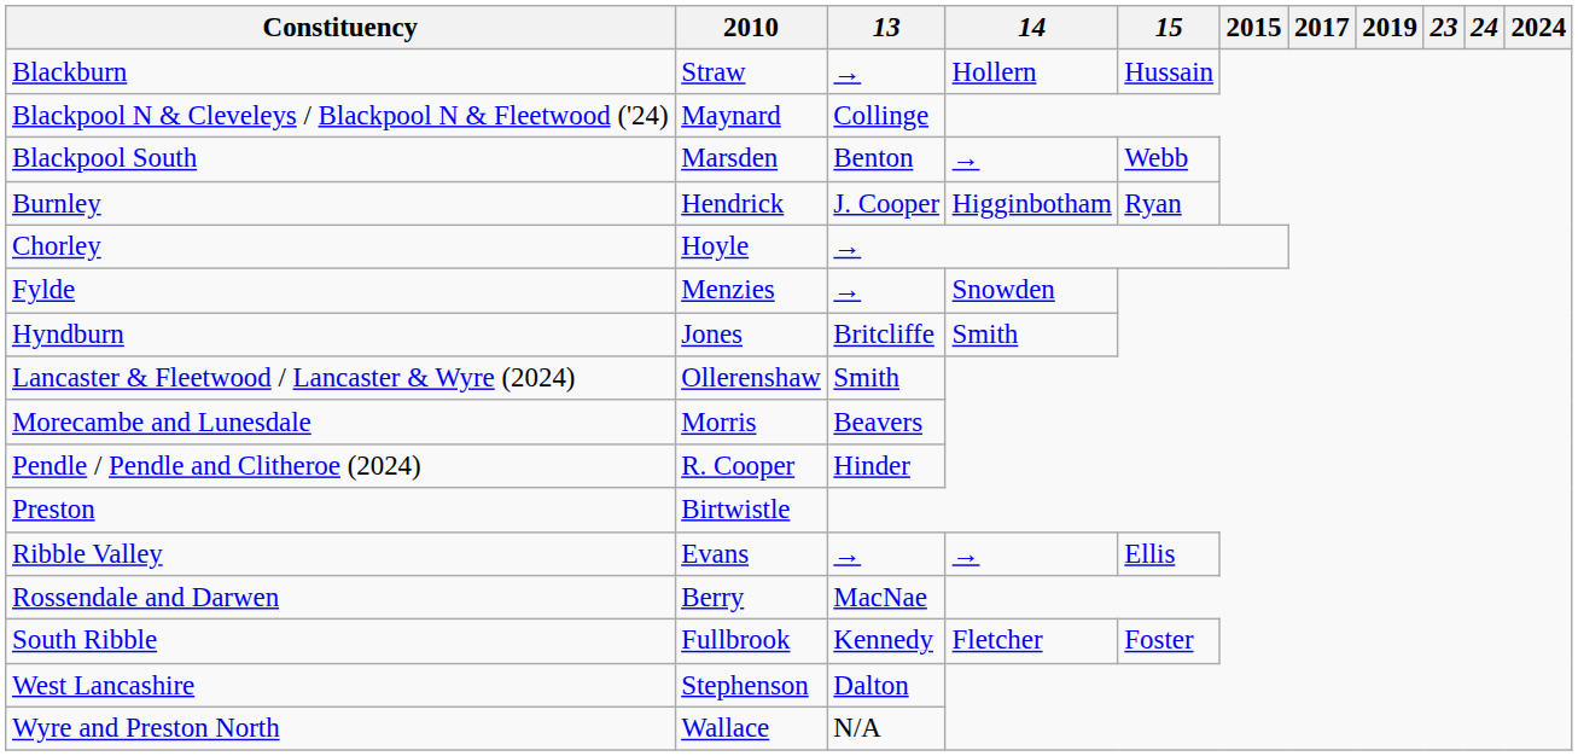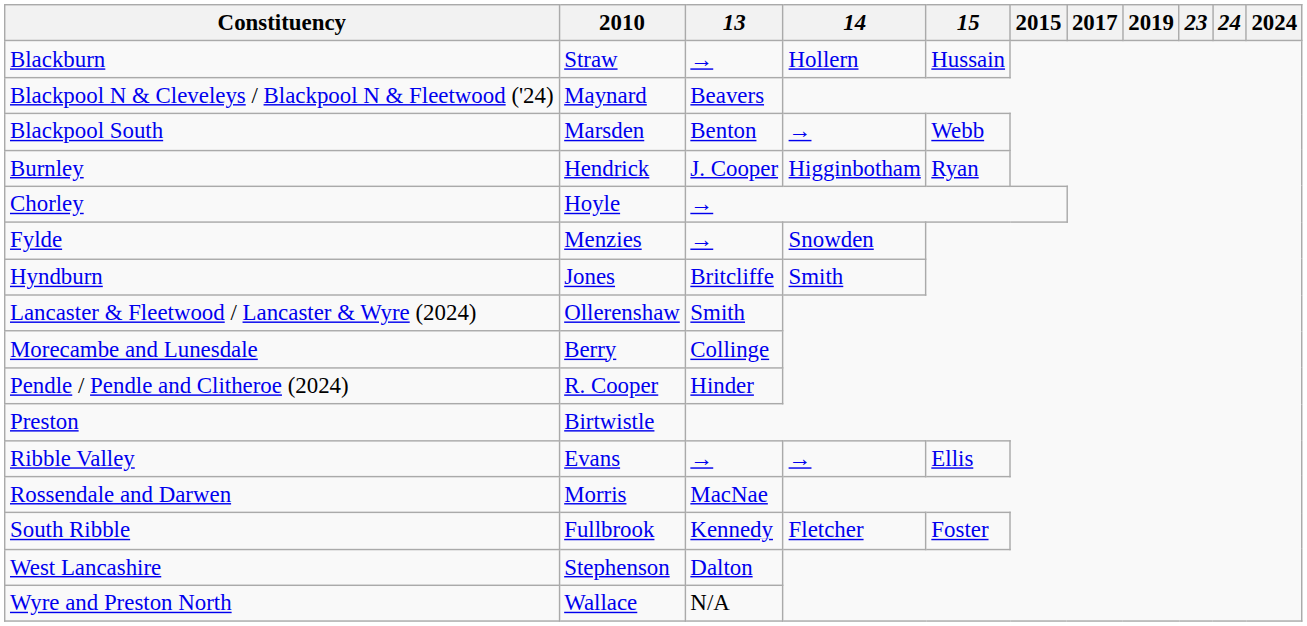 <table class="wikitable">
 <tr>
 <th>Constituency</th>
 <th>2010</th>
 <th><em>13</em></th>
 <th><em>14</em></th>
 <th><em>15</em></th>
 <th>2015</th>
 <th>2017</th>
 <th>2019</th>
 <th><em>23</em></th>
 <th><em>24</em></th>
 <th>2024</th>
 </tr>
 <tr>
 <td><a href='#'>Blackburn</a></td>
 <td><a href='#'>Straw</a></td>
 <td><a href='#'>→</a></td>
 <td><a href='#'>Hollern</a></td>
 <td><a href='#'>Hussain</a></td>
 </tr>
 <tr>
 <td><a href='#'>Blackpool N & Cleveleys</a> / <a href='#'>Blackpool N & Fleetwood</a> ('24)</td>
 <td><a href='#'>Maynard</a></td>
-<td><a href='#'>Collinge</a></td>
+<td><a href='#'>Beavers</a></td>
 </tr>
 <tr>
 <td><a href='#'>Blackpool South</a></td>
 <td><a href='#'>Marsden</a></td>
 <td><a href='#'>Benton</a></td>
 <td><a href='#'>→</a></td>
 <td><a href='#'>Webb</a></td>
 </tr>
 <tr>
 <td><a href='#'>Burnley</a></td>
 <td><a href='#'>Hendrick</a></td>
 <td><a href='#'>J. Cooper</a></td>
 <td><a href='#'>Higginbotham</a></td>
 <td><a href='#'>Ryan</a></td>
 </tr>
 <tr>
 <td><a href='#'>Chorley</a></td>
 <td><a href='#'>Hoyle</a></td>
 <td colspan="4"><a href='#'>→</a></td>
 </tr>
 <tr>
 <td><a href='#'>Fylde</a></td>
 <td><a href='#'>Menzies</a></td>
 <td><a href='#'>→</a></td>
 <td><a href='#'>Snowden</a></td>
 </tr>
 <tr>
 <td><a href='#'>Hyndburn</a></td>
 <td><a href='#'>Jones</a></td>
 <td><a href='#'>Britcliffe</a></td>
 <td><a href='#'>Smith</a></td>
 </tr>
 <tr>
 <td><a href='#'>Lancaster & Fleetwood</a> / <a href='#'>Lancaster & Wyre</a> (2024)</td>
 <td><a href='#'>Ollerenshaw</a></td>
 <td><a href='#'>Smith</a></td>
 </tr>
 <tr>
 <td><a href='#'>Morecambe and Lunesdale</a></td>
-<td><a href='#'>Morris</a></td>
-<td><a href='#'>Beavers</a></td>
+<td><a href='#'>Berry</a></td>
+<td><a href='#'>Collinge</a></td>
 </tr>
 <tr>
 <td><a href='#'>Pendle</a> / <a href='#'>Pendle and Clitheroe</a> (2024)</td>
 <td><a href='#'>R. Cooper</a></td>
 <td><a href='#'>Hinder</a></td>
 </tr>
 <tr>
 <td><a href='#'>Preston</a></td>
 <td><a href='#'>Birtwistle</a></td>
 </tr>
 <tr>
 <td><a href='#'>Ribble Valley</a></td>
 <td><a href='#'>Evans</a></td>
 <td><a href='#'>→</a></td>
 <td><a href='#'>→</a></td>
 <td><a href='#'>Ellis</a></td>
 </tr>
 <tr>
 <td><a href='#'>Rossendale and Darwen</a></td>
-<td><a href='#'>Berry</a></td>
+<td><a href='#'>Morris</a></td>
 <td><a href='#'>MacNae</a></td>
 </tr>
 <tr>
 <td><a href='#'>South Ribble</a></td>
 <td><a href='#'>Fullbrook</a></td>
 <td><a href='#'>Kennedy</a></td>
 <td><a href='#'>Fletcher</a></td>
 <td><a href='#'>Foster</a></td>
 </tr>
 <tr>
 <td><a href='#'>West Lancashire</a></td>
 <td><a href='#'>Stephenson</a></td>
 <td><a href='#'>Dalton</a></td>
 </tr>
 <tr>
 <td><a href='#'>Wyre and Preston North</a></td>
 <td><a href='#'>Wallace</a></td>
 <td>N/A</td>
 </tr>
 </table>
